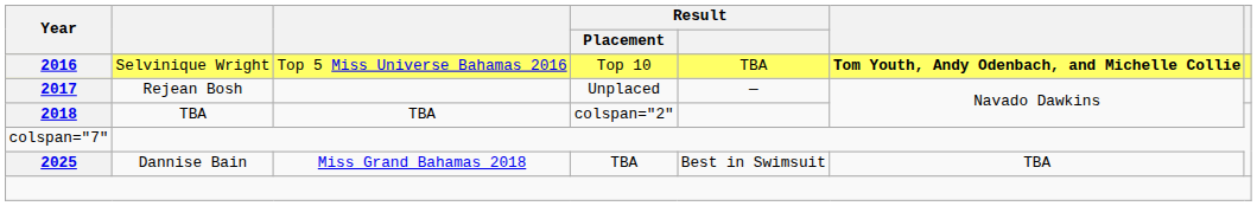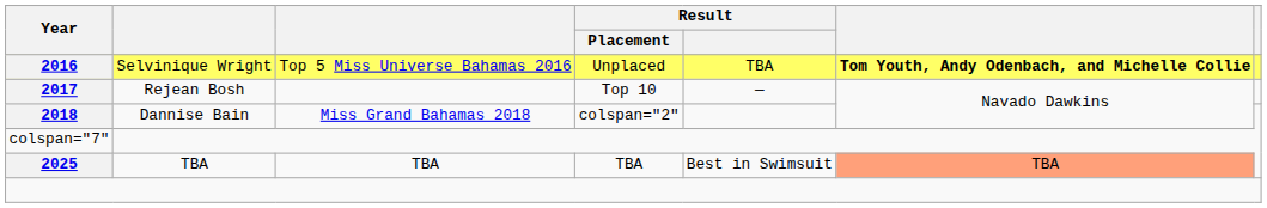 <table class="wikitable" style="font-size:95%; text-align:center;">
 <tr>
 <th rowspan="2">Year</th>
 <th rowspan="2"></th>
 <th rowspan="2"></th>
 <th colspan="2">Result</th>
 <th rowspan="2"></th>
 <th rowspan="2"></th>
 </tr>
 <tr>
 <th>Placement</th>
 <th></th>
 </tr>
 <tr bgcolor=#FFFF66>
 <th><a href='#'>2016</a></th>
 <td>Selvinique Wright</td>
 <td>Top 5 <a href='#'>Miss Universe Bahamas 2016</a></td>
-<td>Top 10</td>
+<td>Unplaced</td>
 <td>TBA</td>
 <td><strong>Tom Youth, Andy Odenbach, and Michelle Collie</strong></td>
 <td></td>
 </tr>
 <tr>
 <th><a href='#'>2017</a></th>
 <td>Rejean Bosh</td>
 <td></td>
-<td>Unplaced</td>
+<td>Top 10</td>
 <td>—</td>
 <td rowspan=2>Navado Dawkins</td>
 <td></td>
 </tr>
 <tr>
 <th><a href='#'>2018</a></th>
-<td>TBA</td>
-<td>TBA</td>
+<td>Dannise Bain</td>
+<td><a href='#'>Miss Grand Bahamas 2018</a></td>
 <td>colspan="2" </td>
 <td></td>
 </tr>
 <tr>
 <td>colspan="7" </td>
 </tr>
 <tr>
 <th><a href='#'>2025</a></th>
-<td>Dannise Bain</td>
-<td><a href='#'>Miss Grand Bahamas 2018</a></td>
+<td>TBA</td>
+<td>TBA</td>
 <td>TBA</td>
 <td>Best in Swimsuit</td>
-<td>TBA</td>
+<td style="background: lightsalmon;">TBA</td>
 </tr>
 <tr>
 <td colspan="7" align=left><br></td>
 </tr>
 </table>
